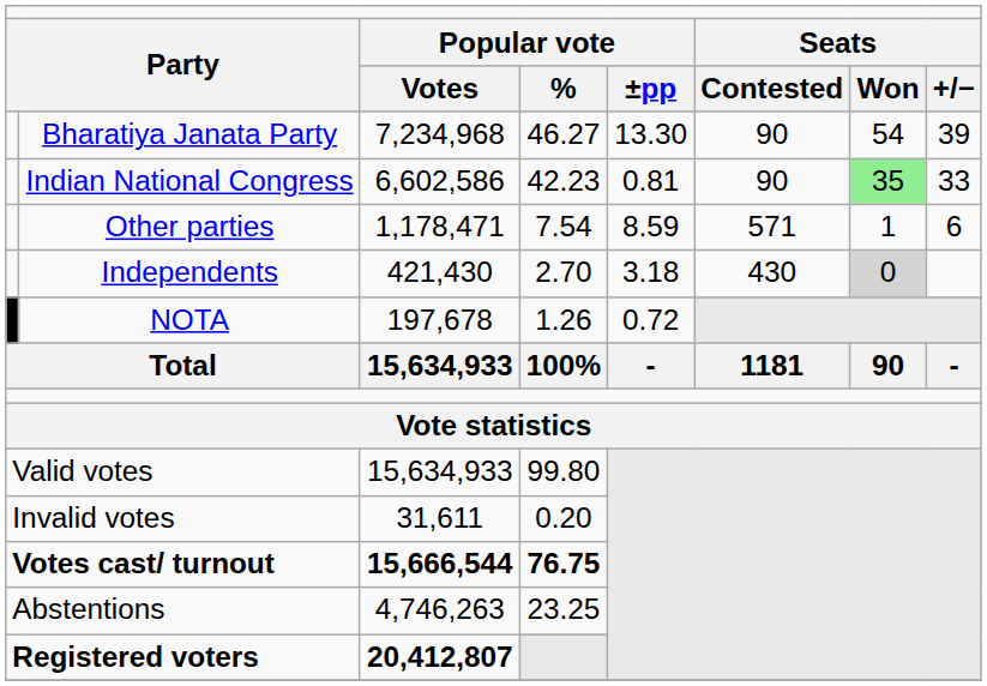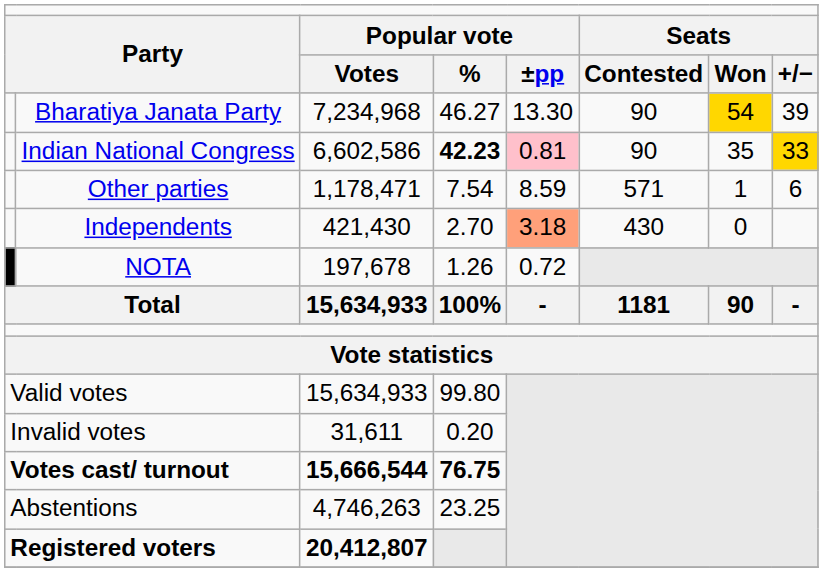 <table class="wikitable sortable" style="text-align: center;">
 <tr>
 <td align=center colspan=8></td>
 </tr>
 <tr>
 <th colspan="2" rowspan="2">Party</th>
 <th colspan="3">Popular vote</th>
 <th colspan="3">Seats</th>
 </tr>
 <tr>
 <th>Votes</th>
 <th>%</th>
 <th>±<a href='#'>pp</a></th>
 <th>Contested</th>
 <th>Won</th>
 <th><strong>+/−</strong></th>
 </tr>
 <tr>
 <td></td>
 <td><a href='#'>Bharatiya Janata Party</a></td>
 <td>7,234,968</td>
 <td>46.27</td>
 <td> 13.30</td>
 <td>90</td>
-<td>54</td>
+<td style="background: gold;">54</td>
 <td> 39</td>
 </tr>
 <tr>
 <td></td>
 <td><a href='#'>Indian National Congress</a></td>
 <td>6,602,586</td>
-<td>42.23</td>
-<td> 0.81</td>
+<td><strong>42.23</strong></td>
+<td style="background: pink;"> 0.81</td>
 <td>90</td>
-<td style="background: lightgreen;">35</td>
-<td> 33</td>
+<td>35</td>
+<td style="background: gold;"> 33</td>
 </tr>
 <tr>
 <td></td>
 <td><a href='#'>Other parties</a></td>
 <td>1,178,471</td>
 <td>7.54</td>
 <td> 8.59</td>
 <td>571</td>
 <td>1</td>
 <td> 6</td>
 </tr>
 <tr>
 <td></td>
 <td><a href='#'>Independents</a></td>
 <td>421,430</td>
 <td>2.70</td>
-<td> 3.18</td>
+<td style="background: lightsalmon;"> 3.18</td>
 <td>430</td>
-<td style="background: lightgrey;">0</td>
+<td>0</td>
 <td></td>
 </tr>
 <tr>
 <td bgcolor="Black"></td>
 <td><a href='#'>NOTA</a></td>
 <td>197,678</td>
 <td>1.26</td>
 <td> 0.72</td>
 <th colspan="3" style="background-color:#E9E9E9"></th>
 </tr>
 <tr>
 <th colspan="2">Total</th>
 <th>15,634,933</th>
 <th>100%</th>
 <th>-</th>
 <th>1181</th>
 <th>90</th>
 <th>-</th>
 </tr>
 <tr>
 <td colspan="8"></td>
 </tr>
 <tr>
 <th colspan="8">Vote statistics</th>
 </tr>
 <tr>
 <td colspan="2" style="text-align:left;">Valid votes</td>
 <td>15,634,933</td>
 <td>99.80</td>
 <th colspan="4" rowspan="5" style="background-color:#E9E9E9"></th>
 </tr>
 <tr>
 <td colspan="2" style="text-align:left;">Invalid votes</td>
 <td>31,611</td>
 <td>0.20</td>
 </tr>
 <tr>
 <td colspan="2" style="text-align:left;"><strong>Votes cast/ turnout</strong></td>
 <td><strong>15,666,544</strong></td>
 <td><strong>76.75</strong></td>
 </tr>
 <tr>
 <td colspan="2" style="text-align:left;">Abstentions</td>
 <td>4,746,263</td>
 <td>23.25</td>
 </tr>
 <tr>
 <td colspan="2" style="text-align:left;"><strong>Registered voters</strong></td>
 <td><strong>20,412,807</strong></td>
 <td style="background-color:#E9E9E9"></td>
 </tr>
 <tr>
 </tr>
 </table>
